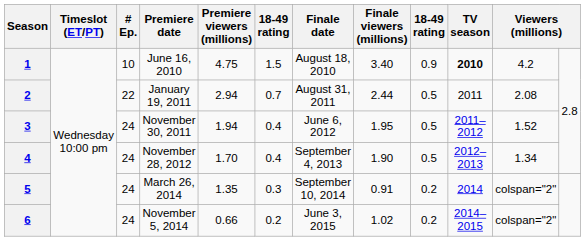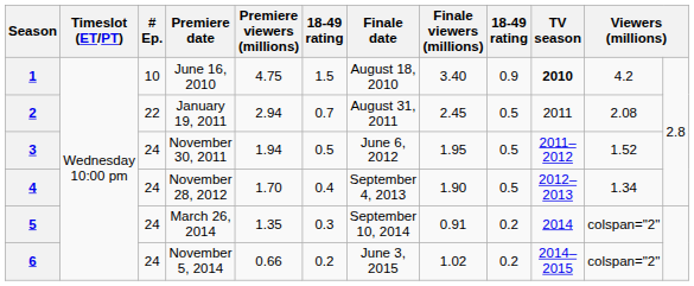 <table class="wikitable" style="text-align:center;">
 <tr>
 <th>Season</th>
 <th>Timeslot<br>(<a href='#'>ET</a>/<a href='#'>PT</a>)</th>
 <th># Ep.</th>
 <th>Premiere date</th>
 <th>Premiere<br>viewers<br>(millions)</th>
 <th>18-49<br>rating</th>
 <th>Finale date</th>
 <th>Finale<br>viewers<br>(millions)</th>
 <th>18-49<br>rating</th>
 <th>TV season</th>
 <th colspan="2">Viewers<br>(millions)</th>
 </tr>
 <tr>
 <th><strong><a href='#'>1</a></strong></th>
 <td rowspan="6">Wednesday<br>10:00 pm</td>
 <td>10</td>
 <td>June 16, 2010</td>
 <td>4.75</td>
 <td>1.5</td>
 <td>August 18, 2010</td>
 <td>3.40</td>
 <td>0.9</td>
 <td><strong>2010</strong></td>
 <td>4.2</td>
 <td rowspan="4">2.8</td>
 </tr>
 <tr>
 <th><strong><a href='#'>2</a></strong></th>
 <td>22</td>
 <td>January 19, 2011</td>
 <td>2.94</td>
 <td>0.7</td>
 <td>August 31, 2011</td>
-<td>2.44</td>
+<td>2.45</td>
 <td>0.5</td>
 <td>2011</td>
 <td>2.08</td>
 </tr>
 <tr>
 <th><strong><a href='#'>3</a></strong></th>
 <td>24</td>
 <td>November 30, 2011</td>
 <td>1.94</td>
-<td>0.4</td>
+<td>0.5</td>
 <td>June 6, 2012</td>
 <td>1.95</td>
 <td>0.5</td>
 <td><a href='#'>2011–2012</a></td>
 <td>1.52</td>
 </tr>
 <tr>
 <th><strong><a href='#'>4</a></strong></th>
 <td>24</td>
 <td>November 28, 2012</td>
 <td>1.70</td>
 <td>0.4</td>
 <td>September 4, 2013</td>
 <td>1.90</td>
 <td>0.5</td>
 <td><a href='#'>2012–2013</a></td>
 <td>1.34</td>
 </tr>
 <tr>
 <th><strong><a href='#'>5</a></strong></th>
 <td>24</td>
 <td>March 26, 2014</td>
 <td>1.35</td>
 <td>0.3</td>
 <td>September 10, 2014</td>
 <td>0.91</td>
 <td>0.2</td>
 <td><a href='#'>2014</a></td>
 <td>colspan="2" </td>
 </tr>
 <tr>
 <th><strong><a href='#'>6</a></strong></th>
 <td>24</td>
 <td>November 5, 2014</td>
 <td>0.66</td>
 <td>0.2</td>
 <td>June 3, 2015</td>
 <td>1.02</td>
 <td>0.2</td>
 <td><a href='#'>2014–2015</a></td>
 <td>colspan="2" </td>
 </tr>
 </table>
